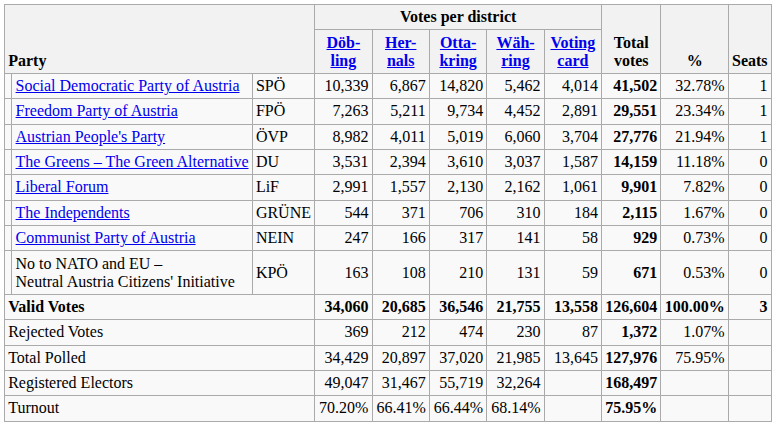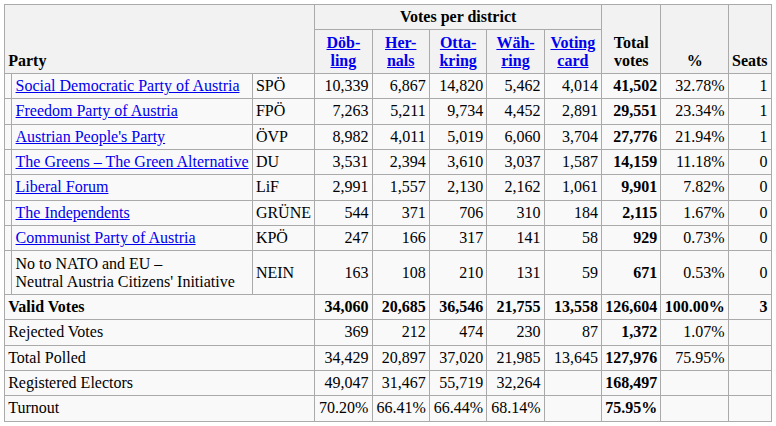 <table class="wikitable" border="1" style="text-align:right;">
 <tr>
 <th style="text-align:left;" valign=bottom rowspan=2 colspan=3>Party</th>
 <th colspan=5>Votes per district</th>
 <th align=center valign=bottom rowspan=2 width="50">Total<br>votes</th>
 <th align=center valign=bottom rowspan=2 width="50">%</th>
 <th align=center valign=bottom rowspan=2>Seats</th>
 </tr>
 <tr>
 <th align=center valign=bottom width="50"><a href='#'>Döb-<br>ling</a></th>
 <th align=center valign=bottom width="50"><a href='#'>Her-<br>nals</a></th>
 <th align=center valign=bottom width="50"><a href='#'>Otta-<br>kring</a></th>
 <th align=center valign=bottom width="50"><a href='#'>Wäh-<br>ring</a></th>
 <th align=center valign=bottom width="50"><a href='#'>Voting<br>card</a></th>
 </tr>
 <tr>
 <td></td>
 <td align=left><a href='#'>Social Democratic Party of Austria</a></td>
 <td align=left>SPÖ</td>
 <td>10,339</td>
 <td>6,867</td>
 <td>14,820</td>
 <td>5,462</td>
 <td>4,014</td>
 <td><strong>41,502</strong></td>
 <td>32.78%</td>
 <td>1</td>
 </tr>
 <tr>
 <td></td>
 <td align=left><a href='#'>Freedom Party of Austria</a></td>
 <td align=left>FPÖ</td>
 <td>7,263</td>
 <td>5,211</td>
 <td>9,734</td>
 <td>4,452</td>
 <td>2,891</td>
 <td><strong>29,551</strong></td>
 <td>23.34%</td>
 <td>1</td>
 </tr>
 <tr>
 <td></td>
 <td align=left><a href='#'>Austrian People's Party</a></td>
 <td align=left>ÖVP</td>
 <td>8,982</td>
 <td>4,011</td>
 <td>5,019</td>
 <td>6,060</td>
 <td>3,704</td>
 <td><strong>27,776</strong></td>
 <td>21.94%</td>
 <td>1</td>
 </tr>
 <tr>
 <td></td>
 <td align=left style="white-space: nowrap;"><a href='#'>The Greens – The Green Alternative</a></td>
 <td align=left>DU</td>
 <td>3,531</td>
 <td>2,394</td>
 <td>3,610</td>
 <td>3,037</td>
 <td>1,587</td>
 <td><strong>14,159</strong></td>
 <td>11.18%</td>
 <td>0</td>
 </tr>
 <tr>
 <td></td>
 <td align=left><a href='#'>Liberal Forum</a></td>
 <td align=left>LiF</td>
 <td>2,991</td>
 <td>1,557</td>
 <td>2,130</td>
 <td>2,162</td>
 <td>1,061</td>
 <td><strong>9,901</strong></td>
 <td>7.82%</td>
 <td>0</td>
 </tr>
 <tr>
 <td></td>
 <td align=left><a href='#'>The Independents</a></td>
 <td align=left>GRÜNE</td>
 <td>544</td>
 <td>371</td>
 <td>706</td>
 <td>310</td>
 <td>184</td>
 <td><strong>2,115</strong></td>
 <td>1.67%</td>
 <td>0</td>
 </tr>
 <tr>
 <td></td>
 <td align=left><a href='#'>Communist Party of Austria</a></td>
-<td align=left>NEIN</td>
+<td align=left>KPÖ</td>
 <td>247</td>
 <td>166</td>
 <td>317</td>
 <td>141</td>
 <td>58</td>
 <td><strong>929</strong></td>
 <td>0.73%</td>
 <td>0</td>
 </tr>
 <tr>
 <td></td>
 <td align=left>No to NATO and EU –<br>Neutral Austria Citizens' Initiative</td>
-<td align=left>KPÖ</td>
+<td align=left>NEIN</td>
 <td>163</td>
 <td>108</td>
 <td>210</td>
 <td>131</td>
 <td>59</td>
 <td><strong>671</strong></td>
 <td>0.53%</td>
 <td>0</td>
 </tr>
 <tr style="font-weight:bold">
 <td align=left colspan=3>Valid Votes</td>
 <td>34,060</td>
 <td>20,685</td>
 <td>36,546</td>
 <td>21,755</td>
 <td>13,558</td>
 <td>126,604</td>
 <td>100.00%</td>
 <td>3</td>
 </tr>
 <tr>
 <td align=left colspan=3>Rejected Votes</td>
 <td>369</td>
 <td>212</td>
 <td>474</td>
 <td>230</td>
 <td>87</td>
 <td><strong>1,372</strong></td>
 <td>1.07%</td>
 <td></td>
 </tr>
 <tr>
 <td align=left colspan=3>Total Polled</td>
 <td>34,429</td>
 <td>20,897</td>
 <td>37,020</td>
 <td>21,985</td>
 <td>13,645</td>
 <td><strong>127,976</strong></td>
 <td>75.95%</td>
 <td></td>
 </tr>
 <tr>
 <td align=left colspan=3>Registered Electors</td>
 <td>49,047</td>
 <td>31,467</td>
 <td>55,719</td>
 <td>32,264</td>
 <td></td>
 <td><strong>168,497</strong></td>
 <td></td>
 <td></td>
 </tr>
 <tr>
 <td align=left colspan=3>Turnout</td>
 <td>70.20%</td>
 <td>66.41%</td>
 <td>66.44%</td>
 <td>68.14%</td>
 <td></td>
 <td><strong>75.95%</strong></td>
 <td></td>
 <td></td>
 </tr>
 </table>
